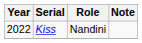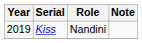 <table class="wikitable sortable">
 <tr>
 <th>Year</th>
 <th>Serial</th>
 <th>Role</th>
 <th>Note</th>
 </tr>
 <tr>
-<td>2022</td>
+<td>2019</td>
 <td><em><a href='#'>Kiss</a></em></td>
 <td>Nandini</td>
 <td></td>
 </tr>
 <tr>
 </tr>
 </table>
